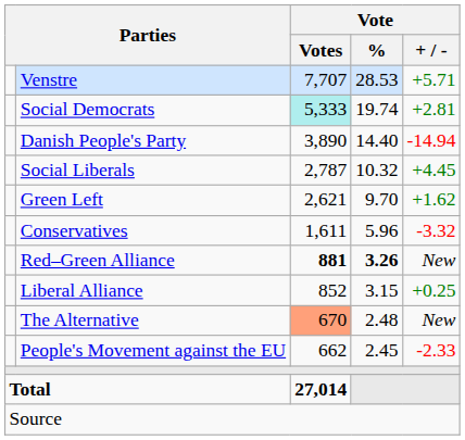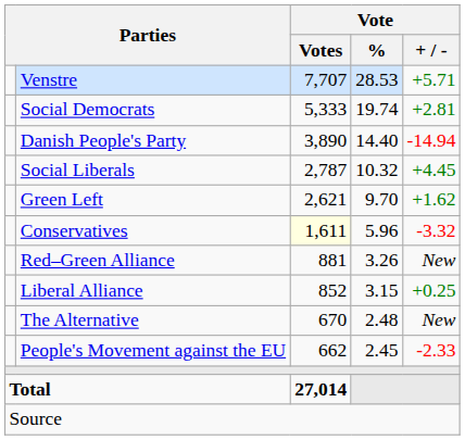 <table class="wikitable" style="text-align:right;">
 <tr>
 <th style="text-align:centre;" rowspan="2" colspan="2" width="225">Parties</th>
 <th colspan="3">Vote</th>
 </tr>
 <tr>
 <th width="15">Votes</th>
 <th width="15">%</th>
 <th width="15">+ / -</th>
 </tr>
 <tr>
 <td width="2" style="color:inherit;background:"></td>
 <td bgcolor=#cfe5fe   align="left"><a href='#'>Venstre</a></td>
 <td bgcolor=#cfe5fe>7,707</td>
 <td bgcolor=#cfe5fe>28.53</td>
 <td style=color:green;>+5.71</td>
 </tr>
 <tr>
 <td width="2" style="color:inherit;background:"></td>
 <td align="left"><a href='#'>Social Democrats</a></td>
-<td style="background: paleturquoise;">5,333</td>
+<td>5,333</td>
 <td>19.74</td>
 <td style=color:green;>+2.81</td>
 </tr>
 <tr>
 <td width="2" style="color:inherit;background:"></td>
 <td align="left"><a href='#'>Danish People's Party</a></td>
 <td>3,890</td>
 <td>14.40</td>
 <td style=color:red;>-14.94</td>
 </tr>
 <tr>
 <td width="2" style="color:inherit;background:"></td>
 <td align="left"><a href='#'>Social Liberals</a></td>
 <td>2,787</td>
 <td>10.32</td>
 <td style=color:green;>+4.45</td>
 </tr>
 <tr>
 <td width="2" style="color:inherit;background:"></td>
 <td align="left"><a href='#'>Green Left</a></td>
 <td>2,621</td>
 <td>9.70</td>
 <td style=color:green;>+1.62</td>
 </tr>
 <tr>
 <td width="2" style="color:inherit;background:"></td>
 <td align="left"><a href='#'>Conservatives</a></td>
-<td>1,611</td>
+<td style="background: lightyellow;">1,611</td>
 <td>5.96</td>
 <td style=color:red;>-3.32</td>
 </tr>
 <tr>
 <td width="2" style="color:inherit;background:"></td>
 <td align="left"><a href='#'>Red–Green Alliance</a></td>
-<td><strong>881</strong></td>
-<td><strong>3.26</strong></td>
+<td>881</td>
+<td>3.26</td>
 <td><em>New</em></td>
 </tr>
 <tr>
 <td width="2" style="color:inherit;background:"></td>
 <td align="left"><a href='#'>Liberal Alliance</a></td>
 <td>852</td>
 <td>3.15</td>
 <td style=color:green;>+0.25</td>
 </tr>
 <tr>
 <td width="2" style="color:inherit;background:"></td>
 <td align="left"><a href='#'>The Alternative</a></td>
-<td style="background: lightsalmon;">670</td>
+<td>670</td>
 <td>2.48</td>
 <td><em>New</em></td>
 </tr>
 <tr>
 <td width="2" style="color:inherit;background:"></td>
 <td align="left"><a href='#'>People's Movement against the EU</a></td>
 <td>662</td>
 <td>2.45</td>
 <td style=color:red;>-2.33</td>
 </tr>
 <tr>
 <td colspan="7" bgcolor="#E9E9E9"></td>
 </tr>
 <tr>
 <td align="left" colspan="2"><strong>Total</strong></td>
 <td><strong>27,014</strong></td>
 <td bgcolor="#E9E9E9" colspan="2"></td>
 </tr>
 <tr>
 <td align="left" colspan="6">Source</td>
 </tr>
 </table>
